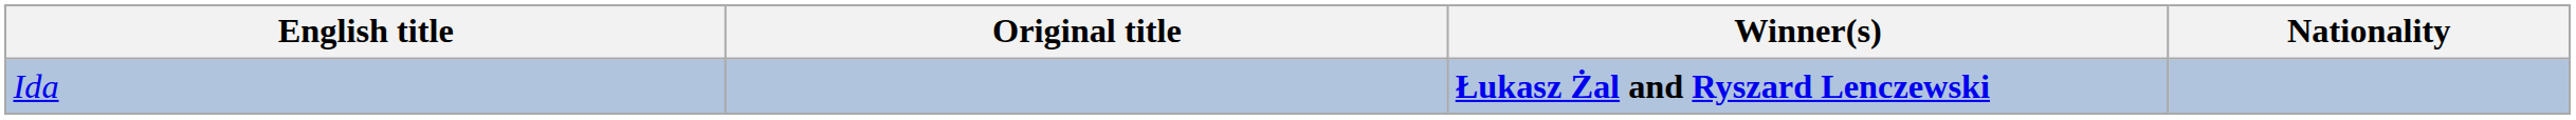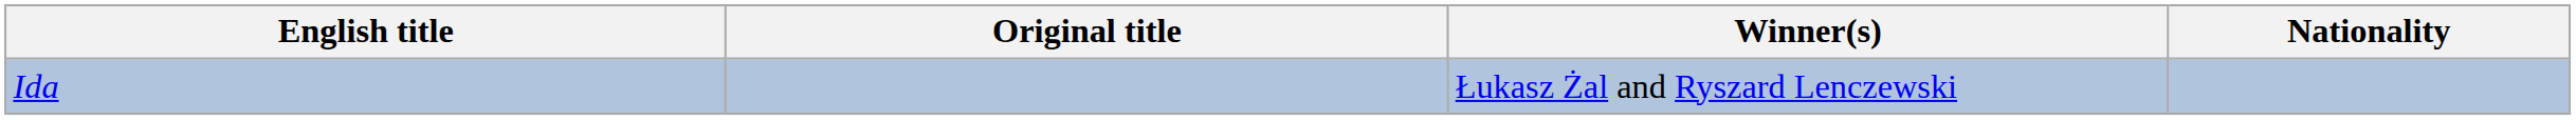 <table class="wikitable" width="95%" cellpadding="5">
 <tr>
 <th width="18%">English title</th>
 <th width="18%">Original title</th>
 <th width="18%">Winner(s)</th>
 <th width="10%">Nationality</th>
 </tr>
 <tr style="background:#B0C4DE;">
 <td><em><a href='#'>Ida</a></em></td>
 <td></td>
-<td><strong><a href='#'>Łukasz Żal</a> and <a href='#'>Ryszard Lenczewski</a></strong></td>
+<td><a href='#'>Łukasz Żal</a> and <a href='#'>Ryszard Lenczewski</a></td>
 <td></td>
 </tr>
 <tr>
 </tr>
 </table>
